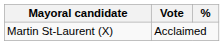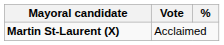 <table class="wikitable">
 <tr>
 <th bgcolor="#DDDDFF" width="200px">Mayoral candidate</th>
 <th bgcolor="#DDDDFF" width="50px">Vote</th>
 <th bgcolor="#DDDDFF"  width="30px">%</th>
 </tr>
 <tr>
-<td>Martin St-Laurent (X)</td>
+<td><strong>Martin St-Laurent (X)</strong></td>
 <td colspan="2">Acclaimed</td>
 </tr>
 </table>
